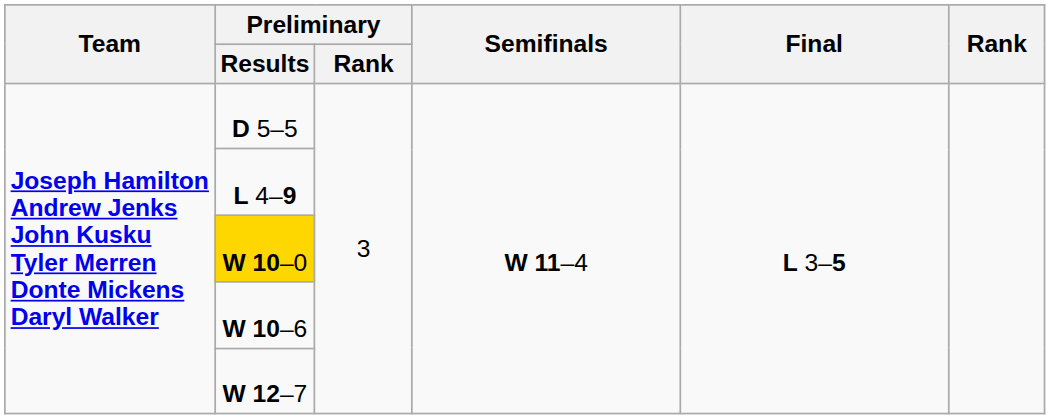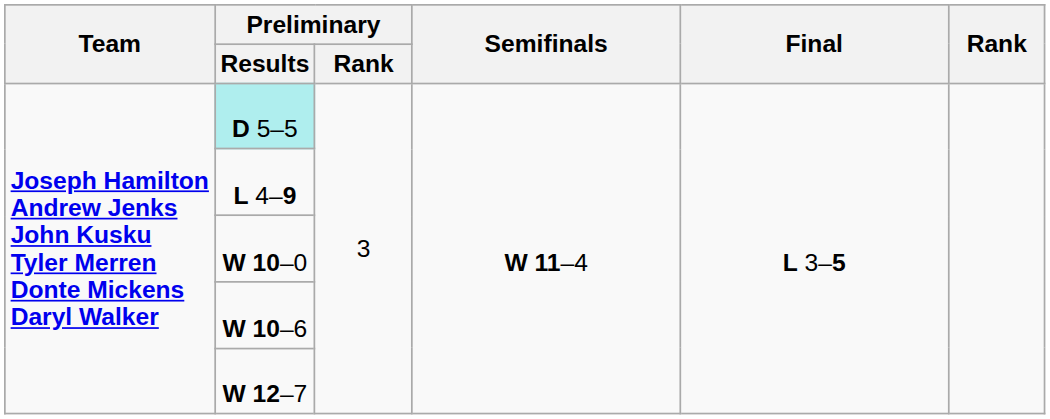 <table class="wikitable" style="text-align:left; font-size:90%">
 <tr>
 <th rowspan=2>Team</th>
 <th colspan=2>Preliminary</th>
 <th rowspan=2 width=150>Semifinals</th>
 <th rowspan=2 width=150>Final</th>
 <th rowspan=2 width=50>Rank</th>
 </tr>
 <tr>
 <th>Results</th>
 <th width=50>Rank</th>
 </tr>
 <tr>
 <td rowspan=5><strong><a href='#'>Joseph Hamilton</a><br><a href='#'>Andrew Jenks</a><br><a href='#'>John Kusku</a><br><a href='#'>Tyler Merren</a><br><a href='#'>Donte Mickens</a><br><a href='#'>Daryl Walker</a></strong></td>
-<td align=center><br><strong>D</strong> 5–5</td>
+<td align=center style="background: paleturquoise;"><br><strong>D</strong> 5–5</td>
 <td rowspan=5 align=center>3</td>
 <td rowspan=5 align=center><br><strong>W</strong> <strong>11</strong>–4</td>
 <td rowspan=5 align=center> <br> <strong>L</strong> 3–<strong>5</strong></td>
 <td rowspan=5 align=center></td>
 </tr>
 <tr>
 <td align=center><br><strong>L</strong> 4–<strong>9</strong></td>
 </tr>
 <tr>
-<td align=center style="background: gold;"><br><strong>W</strong> <strong>10</strong>–0</td>
+<td align=center><br><strong>W</strong> <strong>10</strong>–0</td>
 </tr>
 <tr>
 <td align=center><br><strong>W</strong> <strong>10</strong>–6</td>
 </tr>
 <tr>
 <td align=center><br><strong>W</strong> <strong>12</strong>–7</td>
 </tr>
 </table>
